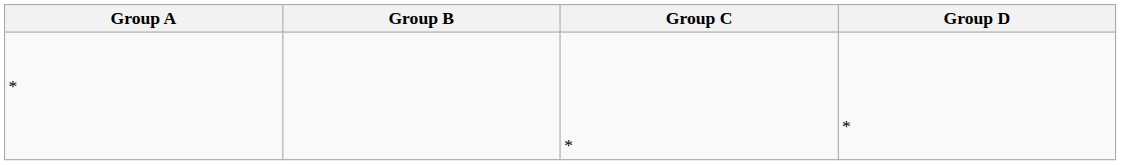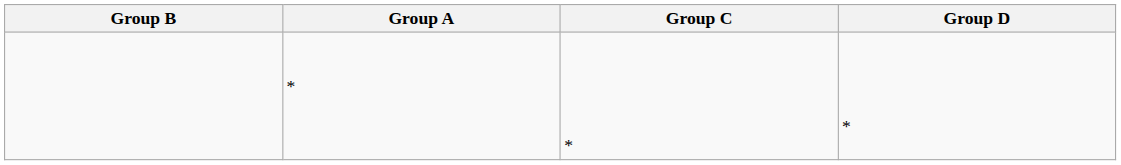 <table class="wikitable" width=80%>
 <tr>
+<th width=25%>Group B</th>
 <th width=25%>Group A</th>
-<th width=25%>Group B</th>
 <th width=25%>Group C</th>
 <th width=25%>Group D</th>
 </tr>
 <tr>
+<td valign=top><br><br> <br> <br> </td>
 <td valign=top><br><br> <s></s> *<br> <br> </td>
-<td valign=top><br><br> <br> <br> </td>
 <td valign=top><br><br> <br> <br> <br>  *</td>
 <td valign=top><br><br> <br> <br>  *</td>
 </tr>
 </table>
